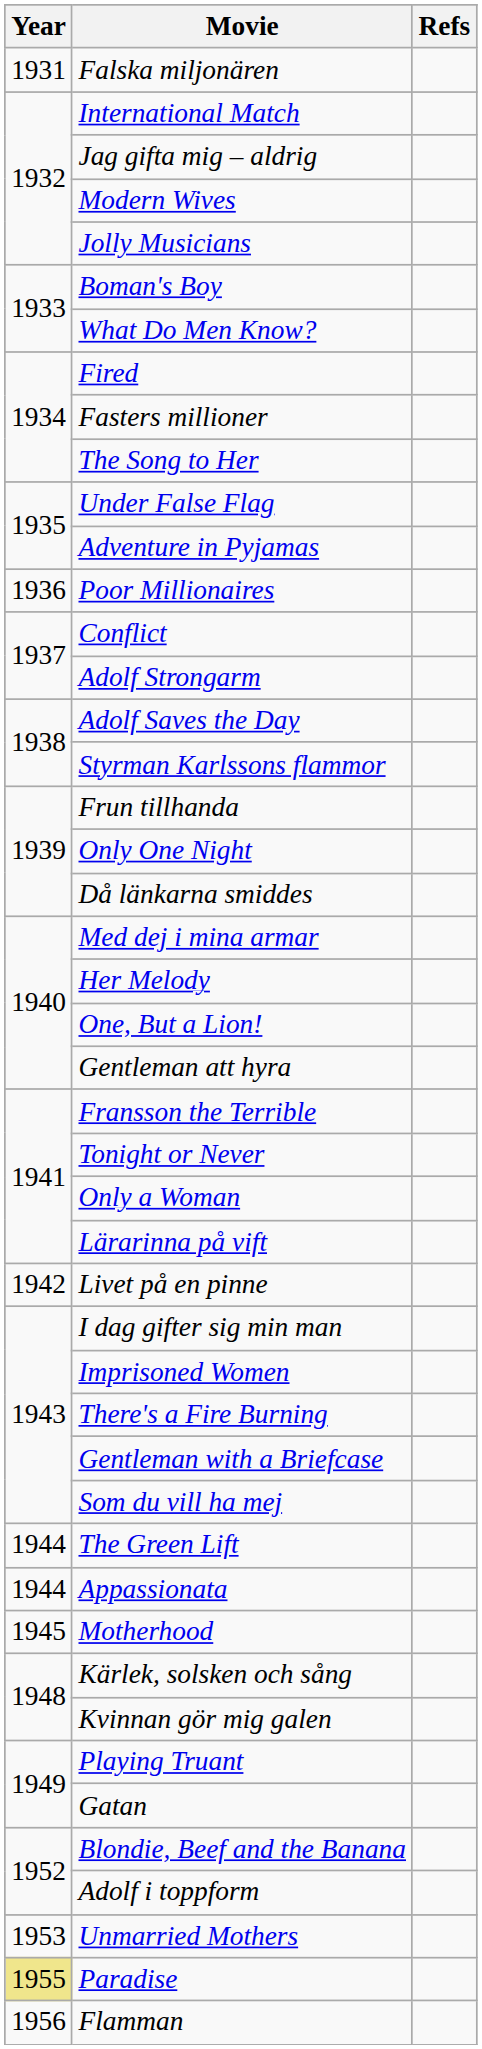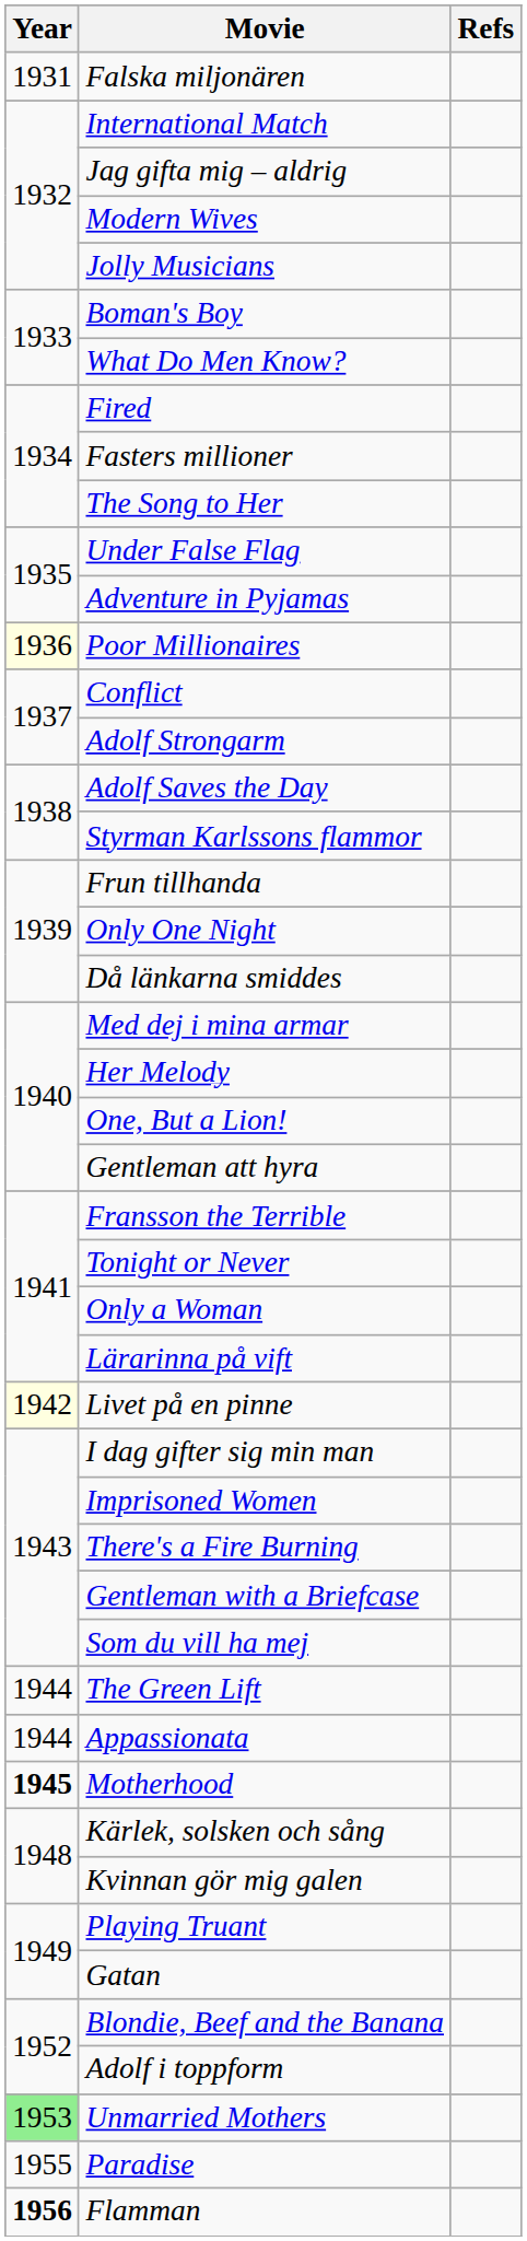 <table class=wikitable>
 <tr>
 <th>Year</th>
 <th>Movie</th>
 <th>Refs</th>
 </tr>
 <tr>
 <td>1931</td>
 <td><em>Falska miljonären</em></td>
 <td></td>
 </tr>
 <tr>
 <td rowspan="4">1932</td>
 <td><em><a href='#'>International Match</a></em></td>
 <td></td>
 </tr>
 <tr>
 <td><em>Jag gifta mig – aldrig</em></td>
 <td></td>
 </tr>
 <tr>
 <td><em><a href='#'>Modern Wives</a></em></td>
 <td></td>
 </tr>
 <tr>
 <td><em><a href='#'>Jolly Musicians</a></em></td>
 <td></td>
 </tr>
 <tr>
 <td rowspan="2">1933</td>
 <td><em><a href='#'>Boman's Boy</a></em></td>
 <td></td>
 </tr>
 <tr>
 <td><em><a href='#'>What Do Men Know?</a></em></td>
 <td></td>
 </tr>
 <tr>
 <td rowspan="3">1934</td>
 <td><a href='#'><em>Fired</em></a></td>
 <td></td>
 </tr>
 <tr>
 <td><em>Fasters millioner</em></td>
 <td></td>
 </tr>
 <tr>
 <td><em><a href='#'>The Song to Her</a></em></td>
 <td></td>
 </tr>
 <tr>
 <td rowspan="2">1935</td>
 <td><a href='#'><em>Under False Flag</em></a></td>
 <td></td>
 </tr>
 <tr>
 <td><em><a href='#'>Adventure in Pyjamas</a></em></td>
 <td></td>
 </tr>
 <tr>
-<td>1936</td>
+<td style="background: lightyellow;">1936</td>
 <td><a href='#'><em>Poor Millionaires</em></a></td>
 <td></td>
 </tr>
 <tr>
 <td rowspan="2">1937</td>
 <td><a href='#'><em>Conflict</em></a></td>
 <td></td>
 </tr>
 <tr>
 <td><em><a href='#'>Adolf Strongarm</a></em></td>
 <td></td>
 </tr>
 <tr>
 <td rowspan="2">1938</td>
 <td><em><a href='#'>Adolf Saves the Day</a></em></td>
 <td></td>
 </tr>
 <tr>
 <td><em><a href='#'>Styrman Karlssons flammor</a></em></td>
 <td></td>
 </tr>
 <tr>
 <td rowspan="3">1939</td>
 <td><em>Frun tillhanda</em></td>
 <td></td>
 </tr>
 <tr>
 <td><a href='#'><em>Only One Night</em></a></td>
 <td></td>
 </tr>
 <tr>
 <td><em>Då länkarna smiddes</em></td>
 <td></td>
 </tr>
 <tr>
 <td rowspan="4">1940</td>
 <td><em><a href='#'>Med dej i mina armar</a></em></td>
 <td></td>
 </tr>
 <tr>
 <td><em><a href='#'>Her Melody</a></em></td>
 <td></td>
 </tr>
 <tr>
 <td><em><a href='#'>One, But a Lion!</a></em></td>
 <td></td>
 </tr>
 <tr>
 <td><em>Gentleman att hyra</em></td>
 <td></td>
 </tr>
 <tr>
 <td rowspan="4">1941</td>
 <td><em><a href='#'>Fransson the Terrible</a></em></td>
 <td></td>
 </tr>
 <tr>
 <td><a href='#'><em>Tonight or Never</em></a></td>
 <td></td>
 </tr>
 <tr>
 <td><a href='#'><em>Only a Woman</em></a></td>
 <td></td>
 </tr>
 <tr>
 <td><em><a href='#'>Lärarinna på vift</a></em></td>
 <td></td>
 </tr>
 <tr>
-<td>1942</td>
+<td style="background: lightyellow;">1942</td>
 <td><em>Livet på en pinne</em></td>
 <td></td>
 </tr>
 <tr>
 <td rowspan="5">1943</td>
 <td><em>I dag gifter sig min man</em></td>
 <td></td>
 </tr>
 <tr>
 <td><em><a href='#'>Imprisoned Women</a></em></td>
 <td></td>
 </tr>
 <tr>
 <td><em><a href='#'>There's a Fire Burning</a></em></td>
 <td></td>
 </tr>
 <tr>
 <td><em><a href='#'>Gentleman with a Briefcase</a></em></td>
 <td></td>
 </tr>
 <tr>
 <td><em><a href='#'>Som du vill ha mej</a></em></td>
 <td></td>
 </tr>
 <tr>
 <td>1944</td>
 <td><a href='#'><em>The Green Lift</em></a></td>
 <td></td>
 </tr>
 <tr>
 <td>1944</td>
 <td><a href='#'><em>Appassionata</em></a></td>
 <td></td>
 </tr>
 <tr>
-<td>1945</td>
+<td><strong>1945</strong></td>
 <td><a href='#'><em>Motherhood</em></a></td>
 <td></td>
 </tr>
 <tr>
 <td rowspan="2">1948</td>
 <td><em>Kärlek, solsken och sång</em></td>
 <td></td>
 </tr>
 <tr>
 <td><em>Kvinnan gör mig galen</em></td>
 <td></td>
 </tr>
 <tr>
 <td rowspan="2">1949</td>
 <td><em><a href='#'>Playing Truant</a></em></td>
 <td></td>
 </tr>
 <tr>
 <td><em>Gatan</em></td>
 <td></td>
 </tr>
 <tr>
 <td rowspan="2">1952</td>
 <td><em><a href='#'>Blondie, Beef and the Banana</a></em></td>
 <td></td>
 </tr>
 <tr>
 <td><em>Adolf i toppform</em></td>
 <td></td>
 </tr>
 <tr>
-<td>1953</td>
+<td style="background: lightgreen;">1953</td>
 <td><em><a href='#'>Unmarried Mothers</a></em></td>
 <td></td>
 </tr>
 <tr>
-<td style="background: khaki;">1955</td>
+<td>1955</td>
 <td><a href='#'><em>Paradise</em></a></td>
 <td></td>
 </tr>
 <tr>
-<td>1956</td>
+<td><strong>1956</strong></td>
 <td><em>Flamman</em></td>
 <td></td>
 </tr>
 </table>
